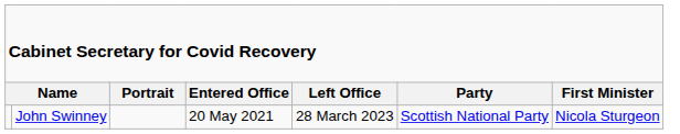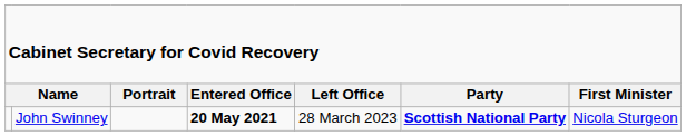 <table class="wikitable" style="margin: 0 0 0 1em; background: #f9f9f9; border: 1px #aaaaaa solid; border-collapse: collapse; ">
 <tr>
 <td colspan="7"><br><h3>Cabinet Secretary for Covid Recovery</h3></td>
 </tr>
 <tr>
 <th colspan="2">Name</th>
 <th width="75">Portrait</th>
 <th>Entered Office</th>
 <th>Left Office</th>
 <th>Party</th>
 <th>First Minister</th>
 </tr>
 <tr>
 <td></td>
 <td><a href='#'>John Swinney</a></td>
 <td></td>
-<td>20 May 2021</td>
+<td><strong>20 May 2021</strong></td>
 <td>28 March 2023</td>
-<td><a href='#'>Scottish National Party</a></td>
+<td><strong><a href='#'>Scottish National Party</a></strong></td>
 <td><a href='#'>Nicola Sturgeon</a></td>
 </tr>
 </table>
